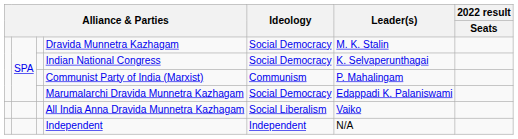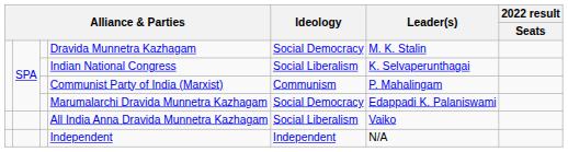 <table class="wikitable">
 <tr>
 <th colspan="4" rowspan="2">Alliance & Parties</th>
 <th rowspan="2">Ideology</th>
 <th rowspan="2">Leader(s)</th>
 <th>2022 result</th>
 </tr>
 <tr>
 <th>Seats</th>
 </tr>
 <tr>
 <td rowspan="4" width="4px"><br></td>
 <td rowspan="4"><a href='#'>SPA</a></td>
 <td rowspan="1" width="4px"><br></td>
 <td><a href='#'>Dravida Munnetra Kazhagam</a></td>
 <td><a href='#'>Social Democracy</a></td>
 <td><a href='#'>M. K. Stalin</a></td>
 <td></td>
 </tr>
 <tr>
 <td rowspan="1" width="4px"><br></td>
 <td><a href='#'>Indian National Congress</a></td>
-<td><a href='#'>Social Democracy</a></td>
+<td><a href='#'>Social Liberalism</a></td>
 <td><a href='#'>K. Selvaperunthagai</a></td>
 <td></td>
 </tr>
 <tr>
 <td rowspan="1" width="4px"><br></td>
 <td><a href='#'>Communist Party of India (Marxist)</a></td>
 <td><a href='#'>Communism</a></td>
 <td><a href='#'>P. Mahalingam</a></td>
 <td></td>
 </tr>
 <tr>
 <td rowspan="1" width="4px"><br></td>
 <td><a href='#'>Marumalarchi Dravida Munnetra Kazhagam</a></td>
 <td><a href='#'>Social Democracy</a></td>
 <td><a href='#'>Edappadi K. Palaniswami</a></td>
 <td></td>
 </tr>
 <tr>
 <td rowspan="1" width="4px"><br></td>
 <td rowspan="1"></td>
 <td rowspan="1" width="4px"><br></td>
 <td><a href='#'>All India Anna Dravida Munnetra Kazhagam</a></td>
 <td><a href='#'>Social Liberalism</a></td>
 <td><a href='#'>Vaiko</a></td>
 <td></td>
 </tr>
 <tr>
 <td rowspan="1" width="4px"><br></td>
 <td rowspan="1"></td>
 <td rowspan="1" width="4px"><br></td>
 <td><a href='#'>Independent</a></td>
 <td><a href='#'>Independent</a></td>
 <td>N/A</td>
 <td></td>
 </tr>
 </table>
